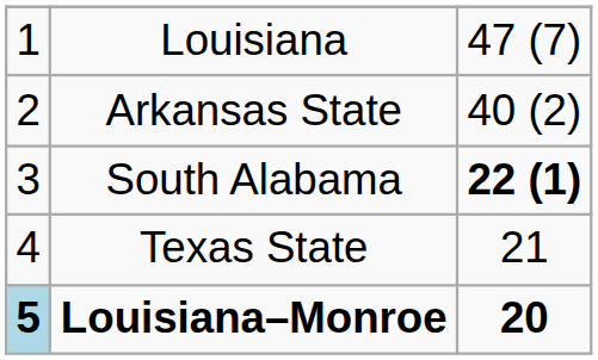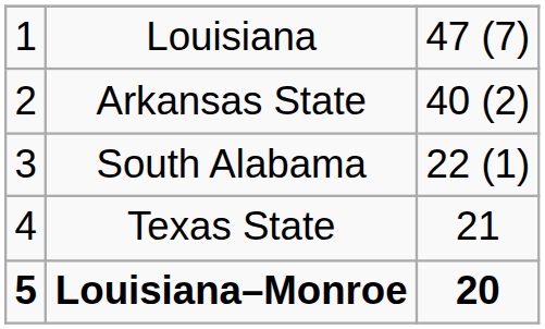 <table class="wikitable" style="display: inline-table;">
 <tr align="center">
 </tr>
 <tr align="center">
 <td>1</td>
 <td>Louisiana</td>
 <td>47 (7)</td>
 </tr>
 <tr align="center">
 <td>2</td>
 <td>Arkansas State</td>
 <td>40 (2)</td>
 </tr>
 <tr align="center">
 <td>3</td>
 <td>South Alabama</td>
-<td><strong>22 (1)</strong></td>
+<td>22 (1)</td>
 </tr>
 <tr align="center">
 <td>4</td>
 <td>Texas State</td>
 <td>21</td>
 </tr>
 <tr align="center">
-<td style="background: lightblue;"><strong>5</strong></td>
+<td><strong>5</strong></td>
 <td><strong>Louisiana–Monroe</strong></td>
 <td><strong>20</strong></td>
 </tr>
 </table>
